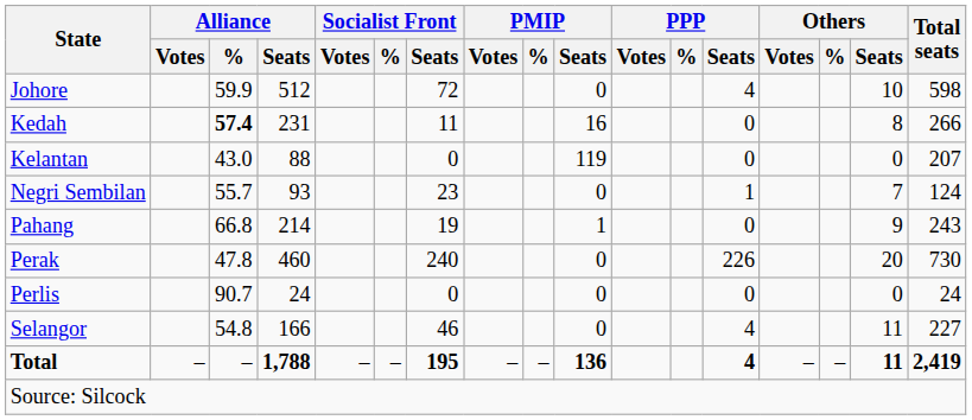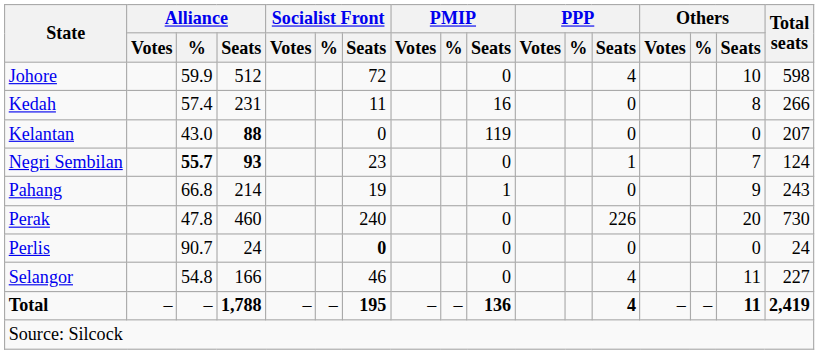 <table class=wikitable style=text-align:right>
 <tr>
 <th rowspan=2>State</th>
 <th colspan=3><a href='#'>Alliance</a></th>
 <th colspan=3><a href='#'>Socialist Front</a></th>
 <th colspan=3><a href='#'>PMIP</a></th>
 <th colspan=3><a href='#'>PPP</a></th>
 <th colspan=3>Others</th>
 <th rowspan=2>Total<br>seats</th>
 </tr>
 <tr>
 <th>Votes</th>
 <th>%</th>
 <th>Seats</th>
 <th>Votes</th>
 <th>%</th>
 <th>Seats</th>
 <th>Votes</th>
 <th>%</th>
 <th>Seats</th>
 <th>Votes</th>
 <th>%</th>
 <th>Seats</th>
 <th>Votes</th>
 <th>%</th>
 <th>Seats</th>
 </tr>
 <tr>
 <td align=left><a href='#'>Johore</a></td>
 <td></td>
 <td>59.9</td>
 <td>512</td>
 <td></td>
 <td></td>
 <td>72</td>
 <td></td>
 <td></td>
 <td>0</td>
 <td></td>
 <td></td>
 <td>4</td>
 <td></td>
 <td></td>
 <td>10</td>
 <td>598</td>
 </tr>
 <tr>
 <td align=left><a href='#'>Kedah</a></td>
 <td></td>
-<td><strong>57.4</strong></td>
+<td>57.4</td>
 <td>231</td>
 <td></td>
 <td></td>
 <td>11</td>
 <td></td>
 <td></td>
 <td>16</td>
 <td></td>
 <td></td>
 <td>0</td>
 <td></td>
 <td></td>
 <td>8</td>
 <td>266</td>
 </tr>
 <tr>
 <td align=left><a href='#'>Kelantan</a></td>
 <td></td>
 <td>43.0</td>
-<td>88</td>
+<td><strong>88</strong></td>
 <td></td>
 <td></td>
 <td>0</td>
 <td></td>
 <td></td>
 <td>119</td>
 <td></td>
 <td></td>
 <td>0</td>
 <td></td>
 <td></td>
 <td>0</td>
 <td>207</td>
 </tr>
 <tr>
 <td align=left><a href='#'>Negri Sembilan</a></td>
 <td></td>
-<td>55.7</td>
-<td>93</td>
+<td><strong>55.7</strong></td>
+<td><strong>93</strong></td>
 <td></td>
 <td></td>
 <td>23</td>
 <td></td>
 <td></td>
 <td>0</td>
 <td></td>
 <td></td>
 <td>1</td>
 <td></td>
 <td></td>
 <td>7</td>
 <td>124</td>
 </tr>
 <tr>
 <td align=left><a href='#'>Pahang</a></td>
 <td></td>
 <td>66.8</td>
 <td>214</td>
 <td></td>
 <td></td>
 <td>19</td>
 <td></td>
 <td></td>
 <td>1</td>
 <td></td>
 <td></td>
 <td>0</td>
 <td></td>
 <td></td>
 <td>9</td>
 <td>243</td>
 </tr>
 <tr>
 <td align=left><a href='#'>Perak</a></td>
 <td></td>
 <td>47.8</td>
 <td>460</td>
 <td></td>
 <td></td>
 <td>240</td>
 <td></td>
 <td></td>
 <td>0</td>
 <td></td>
 <td></td>
 <td>226</td>
 <td></td>
 <td></td>
 <td>20</td>
 <td>730</td>
 </tr>
 <tr>
 <td align=left><a href='#'>Perlis</a></td>
 <td></td>
 <td>90.7</td>
 <td>24</td>
 <td></td>
 <td></td>
-<td>0</td>
+<td><strong>0</strong></td>
 <td></td>
 <td></td>
 <td>0</td>
 <td></td>
 <td></td>
 <td>0</td>
 <td></td>
 <td></td>
 <td>0</td>
 <td>24</td>
 </tr>
 <tr>
 <td align=left><a href='#'>Selangor</a></td>
 <td></td>
 <td>54.8</td>
 <td>166</td>
 <td></td>
 <td></td>
 <td>46</td>
 <td></td>
 <td></td>
 <td>0</td>
 <td></td>
 <td></td>
 <td>4</td>
 <td></td>
 <td></td>
 <td>11</td>
 <td>227</td>
 </tr>
 <tr>
 <td align=left><strong>Total</strong></td>
 <td>–</td>
 <td>–</td>
 <td><strong>1,788</strong></td>
 <td>–</td>
 <td>–</td>
 <td><strong>195</strong></td>
 <td>–</td>
 <td>–</td>
 <td><strong>136</strong></td>
 <td></td>
 <td></td>
 <td><strong>4</strong></td>
 <td>–</td>
 <td>–</td>
 <td><strong>11</strong></td>
 <td><strong>2,419</strong></td>
 </tr>
 <tr>
 <td align=left colspan=17>Source: Silcock</td>
 </tr>
 </table>
